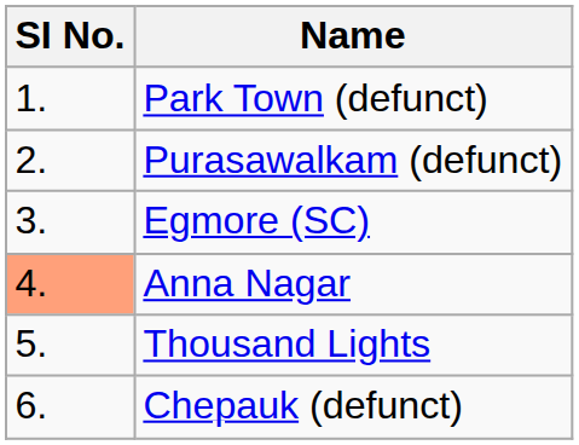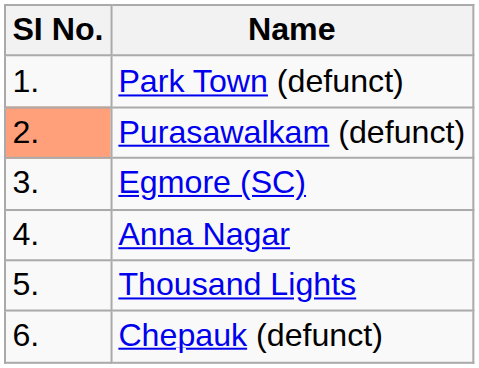 <table class="wikitable">
 <tr>
 <th>SI No.</th>
 <th>Name</th>
 </tr>
 <tr>
 <td>1.</td>
 <td><a href='#'>Park Town</a> (defunct)</td>
 </tr>
 <tr>
-<td>2.</td>
+<td style="background: lightsalmon;">2.</td>
 <td><a href='#'>Purasawalkam</a> (defunct)</td>
 </tr>
 <tr>
 <td>3.</td>
 <td><a href='#'>Egmore (SC)</a></td>
 </tr>
 <tr>
-<td style="background: lightsalmon;">4.</td>
+<td>4.</td>
 <td><a href='#'>Anna Nagar</a></td>
 </tr>
 <tr>
 <td>5.</td>
 <td><a href='#'>Thousand Lights</a></td>
 </tr>
 <tr>
 <td>6.</td>
 <td><a href='#'>Chepauk</a> (defunct)</td>
 </tr>
 </table>
